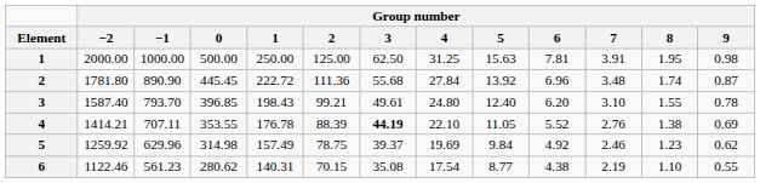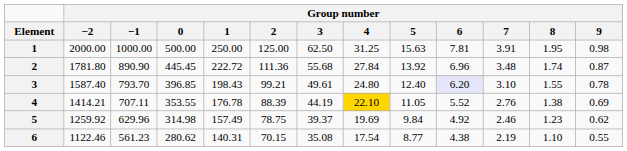 <table class="wikitable" style="text-align:center; width:100%">
 <tr>
 <td></td>
 <th colspan="12">Group number</th>
 </tr>
 <tr>
 <th style="width: 9%;">Element</th>
 <th style="width: 7%;">−2</th>
 <th style="width: 7%;">−1</th>
 <th style="width: 7%;">0</th>
 <th style="width: 7%;">1</th>
 <th style="width: 7%;">2</th>
 <th style="width: 7%;">3</th>
 <th style="width: 7%;">4</th>
 <th style="width: 7%;">5</th>
 <th style="width: 7%;">6</th>
 <th style="width: 7%;">7</th>
 <th style="width: 7%;">8</th>
 <th style="width: 7%;">9</th>
 </tr>
 <tr>
 <th>1</th>
 <td>2000.00</td>
 <td>1000.00</td>
 <td>500.00</td>
 <td>250.00</td>
 <td>125.00</td>
 <td>62.50</td>
 <td>31.25</td>
 <td>15.63</td>
 <td>7.81</td>
 <td>3.91</td>
 <td>1.95</td>
 <td>0.98</td>
 </tr>
 <tr>
 <th>2</th>
 <td>1781.80</td>
 <td>890.90</td>
 <td>445.45</td>
 <td>222.72</td>
 <td>111.36</td>
 <td>55.68</td>
 <td>27.84</td>
 <td>13.92</td>
 <td>6.96</td>
 <td>3.48</td>
 <td>1.74</td>
 <td>0.87</td>
 </tr>
 <tr>
 <th>3</th>
 <td>1587.40</td>
 <td>793.70</td>
 <td>396.85</td>
 <td>198.43</td>
 <td>99.21</td>
 <td>49.61</td>
 <td>24.80</td>
 <td>12.40</td>
-<td>6.20</td>
+<td style="background: lavender;">6.20</td>
 <td>3.10</td>
 <td>1.55</td>
 <td>0.78</td>
 </tr>
 <tr>
 <th>4</th>
 <td>1414.21</td>
 <td>707.11</td>
 <td>353.55</td>
 <td>176.78</td>
 <td>88.39</td>
-<td><strong>44.19</strong></td>
-<td>22.10</td>
+<td>44.19</td>
+<td style="background: gold;">22.10</td>
 <td>11.05</td>
 <td>5.52</td>
 <td>2.76</td>
 <td>1.38</td>
 <td>0.69</td>
 </tr>
 <tr>
 <th>5</th>
 <td>1259.92</td>
 <td>629.96</td>
 <td>314.98</td>
 <td>157.49</td>
 <td>78.75</td>
 <td>39.37</td>
 <td>19.69</td>
 <td>9.84</td>
 <td>4.92</td>
 <td>2.46</td>
 <td>1.23</td>
 <td>0.62</td>
 </tr>
 <tr>
 <th>6</th>
 <td>1122.46</td>
 <td>561.23</td>
 <td>280.62</td>
 <td>140.31</td>
 <td>70.15</td>
 <td>35.08</td>
 <td>17.54</td>
 <td>8.77</td>
 <td>4.38</td>
 <td>2.19</td>
 <td>1.10</td>
 <td>0.55</td>
 </tr>
 </table>
